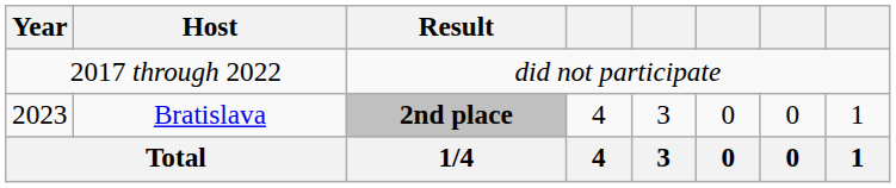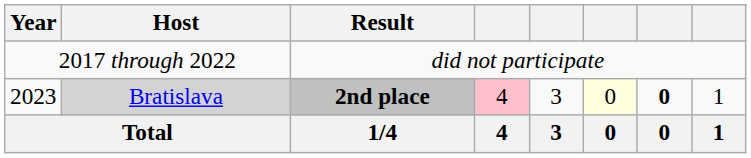 <table class="wikitable" style="text-align:center">
 <tr>
 <th width=30>Year</th>
 <th width=150>Host</th>
 <th width=120>Result</th>
 <th width=30></th>
 <th width=30></th>
 <th width=30></th>
 <th width=30></th>
 <th width=30></th>
 </tr>
 <tr>
 <td colspan=2>2017 <em>through</em> 2022</td>
 <td colspan=6><em>did not participate</em></td>
 </tr>
 <tr>
 <td>2023</td>
-<td> <a href='#'>Bratislava</a></td>
+<td style="background: lightgrey;"> <a href='#'>Bratislava</a></td>
 <td bgcolor="#c0c0c0"><strong> 2nd place</strong></td>
-<td>4</td>
+<td style="background: pink;">4</td>
 <td>3</td>
-<td>0</td>
-<td>0</td>
+<td style="background: lightyellow;">0</td>
+<td><strong>0</strong></td>
 <td>1</td>
 </tr>
 <tr>
 <th colspan=2>Total</th>
 <th>1/4</th>
 <th>4</th>
 <th>3</th>
 <th>0</th>
 <th>0</th>
 <th>1</th>
 </tr>
 </table>
